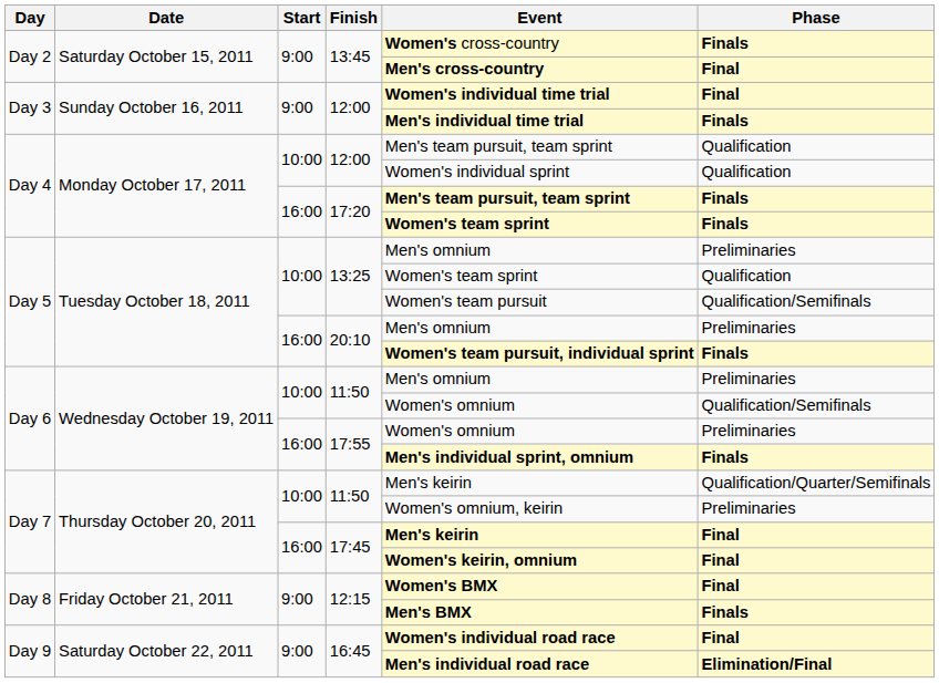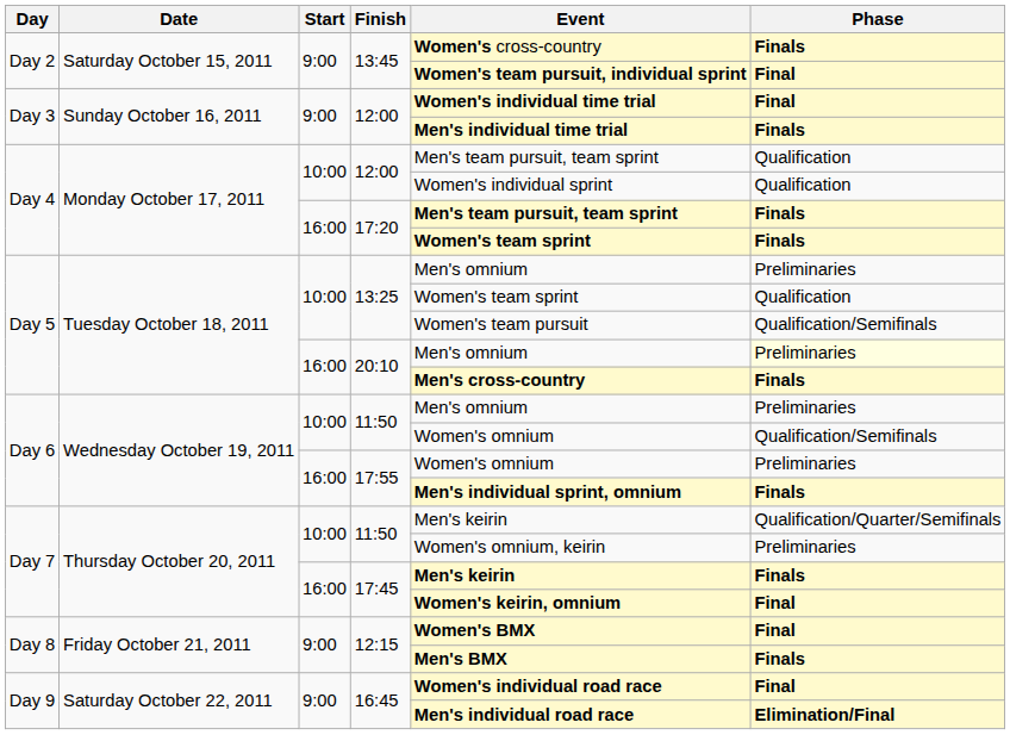 <table class=wikitable>
 <tr>
 <th>Day</th>
 <th>Date</th>
 <th>Start</th>
 <th>Finish</th>
 <th>Event</th>
 <th>Phase</th>
 </tr>
 <tr>
 <td rowspan=2>Day 2</td>
 <td rowspan=2>Saturday October 15, 2011</td>
 <td rowspan=2>9:00</td>
 <td rowspan=2>13:45</td>
 <td style=background:lemonchiffon><strong>Women's</strong> cross-country</td>
 <td style=background:lemonchiffon><strong>Finals</strong></td>
 </tr>
 <tr>
-<td style=background:lemonchiffon><strong>Men's cross-country</strong></td>
+<td style=background:lemonchiffon><strong>Women's team pursuit, individual sprint</strong></td>
 <td style=background:lemonchiffon><strong>Final</strong></td>
 </tr>
 <tr>
 <td rowspan=2>Day 3</td>
 <td rowspan=2>Sunday October 16, 2011</td>
 <td rowspan=2>9:00</td>
 <td rowspan=2>12:00</td>
 <td style=background:lemonchiffon><strong>Women's individual time trial</strong></td>
 <td style=background:lemonchiffon><strong>Final</strong></td>
 </tr>
 <tr>
 <td style=background:lemonchiffon><strong>Men's individual time trial</strong></td>
 <td style=background:lemonchiffon><strong>Finals</strong></td>
 </tr>
 <tr>
 <td rowspan=4>Day 4</td>
 <td rowspan=4>Monday October 17, 2011</td>
 <td rowspan=2>10:00</td>
 <td rowspan=2>12:00</td>
 <td>Men's team pursuit, team sprint</td>
 <td>Qualification</td>
 </tr>
 <tr>
 <td>Women's individual sprint</td>
 <td>Qualification</td>
 </tr>
 <tr>
 <td rowspan=2>16:00</td>
 <td rowspan=2>17:20</td>
 <td style=background:lemonchiffon><strong>Men's team pursuit, team sprint</strong></td>
 <td style=background:lemonchiffon><strong>Finals </strong></td>
 </tr>
 <tr>
 <td style=background:lemonchiffon><strong>Women's team sprint</strong></td>
 <td style=background:lemonchiffon><strong>Finals</strong></td>
 </tr>
 <tr>
 <td rowspan=5>Day 5</td>
 <td rowspan=5>Tuesday October 18, 2011</td>
 <td rowspan=3>10:00</td>
 <td rowspan=3>13:25</td>
 <td>Men's omnium</td>
 <td>Preliminaries</td>
 </tr>
 <tr>
 <td>Women's team sprint</td>
 <td>Qualification</td>
 </tr>
 <tr>
 <td>Women's team pursuit</td>
 <td>Qualification/Semifinals</td>
 </tr>
 <tr>
 <td rowspan=2>16:00</td>
 <td rowspan=2>20:10</td>
 <td>Men's omnium</td>
-<td>Preliminaries</td>
+<td style="background: lightyellow;">Preliminaries</td>
 </tr>
 <tr>
-<td style=background:lemonchiffon><strong>Women's team pursuit, individual sprint</strong></td>
+<td style=background:lemonchiffon><strong>Men's cross-country</strong></td>
 <td style=background:lemonchiffon><strong>Finals</strong></td>
 </tr>
 <tr>
 <td rowspan=4>Day 6</td>
 <td rowspan=4>Wednesday October 19, 2011</td>
 <td rowspan=2>10:00</td>
 <td rowspan=2>11:50</td>
 <td>Men's omnium</td>
 <td>Preliminaries</td>
 </tr>
 <tr>
 <td>Women's omnium</td>
 <td>Qualification/Semifinals</td>
 </tr>
 <tr>
 <td rowspan=2>16:00</td>
 <td rowspan=2>17:55</td>
 <td>Women's omnium</td>
 <td>Preliminaries</td>
 </tr>
 <tr>
 <td style=background:lemonchiffon><strong>Men's individual sprint, omnium</strong></td>
 <td style=background:lemonchiffon><strong>Finals</strong></td>
 </tr>
 <tr>
 <td rowspan=4>Day 7</td>
 <td rowspan=4>Thursday October 20, 2011</td>
 <td rowspan=2>10:00</td>
 <td rowspan=2>11:50</td>
 <td>Men's keirin</td>
 <td>Qualification/Quarter/Semifinals</td>
 </tr>
 <tr>
 <td>Women's omnium, keirin</td>
 <td>Preliminaries</td>
 </tr>
 <tr>
 <td rowspan=2>16:00</td>
 <td rowspan=2>17:45</td>
 <td style=background:lemonchiffon><strong>Men's keirin</strong></td>
-<td style=background:lemonchiffon><strong>Final</strong></td>
+<td style=background:lemonchiffon><strong>Finals</strong></td>
 </tr>
 <tr>
 <td style=background:lemonchiffon><strong>Women's keirin, omnium</strong></td>
 <td style=background:lemonchiffon><strong>Final</strong></td>
 </tr>
 <tr>
 <td rowspan=2>Day 8</td>
 <td rowspan=2>Friday October 21, 2011</td>
 <td rowspan=2>9:00</td>
 <td rowspan=2>12:15</td>
 <td style=background:lemonchiffon><strong>Women's BMX</strong></td>
 <td style=background:lemonchiffon><strong>Final</strong></td>
 </tr>
 <tr>
 <td style=background:lemonchiffon><strong>Men's BMX</strong></td>
 <td style=background:lemonchiffon><strong>Finals</strong></td>
 </tr>
 <tr>
 <td rowspan=2>Day 9</td>
 <td rowspan=2>Saturday October 22, 2011</td>
 <td rowspan=2>9:00</td>
 <td rowspan=2>16:45</td>
 <td style=background:lemonchiffon><strong>Women's individual road race</strong></td>
 <td style=background:lemonchiffon><strong>Final</strong></td>
 </tr>
 <tr>
 <td style=background:lemonchiffon><strong>Men's individual road race</strong></td>
 <td style=background:lemonchiffon><strong>Elimination/Final</strong></td>
 </tr>
 </table>
